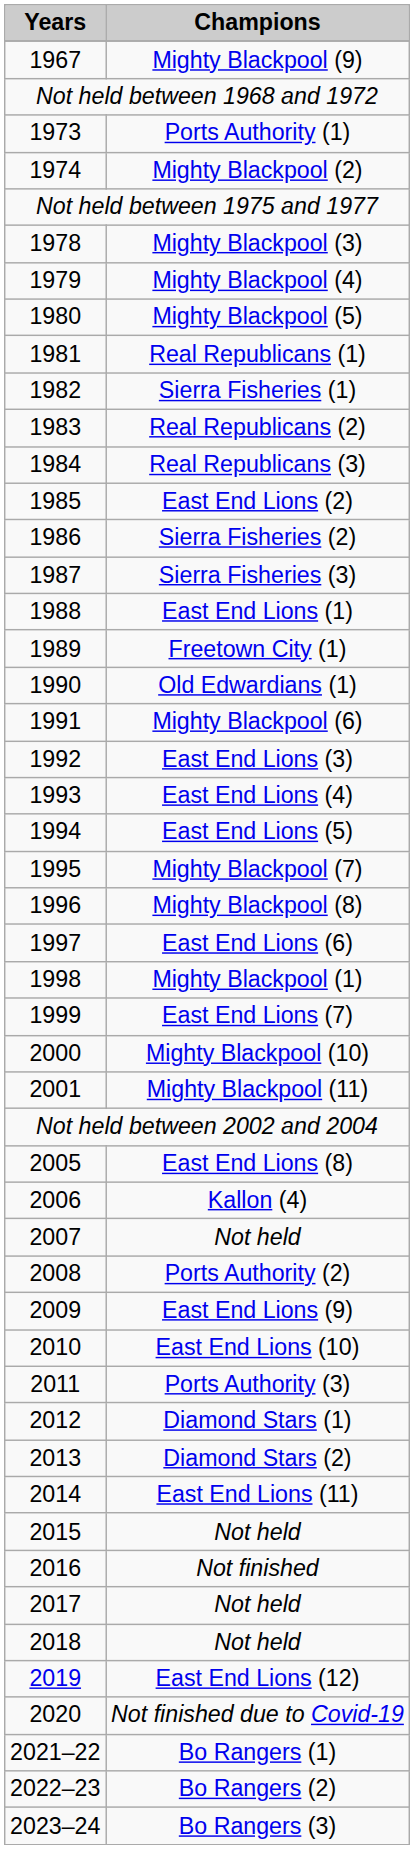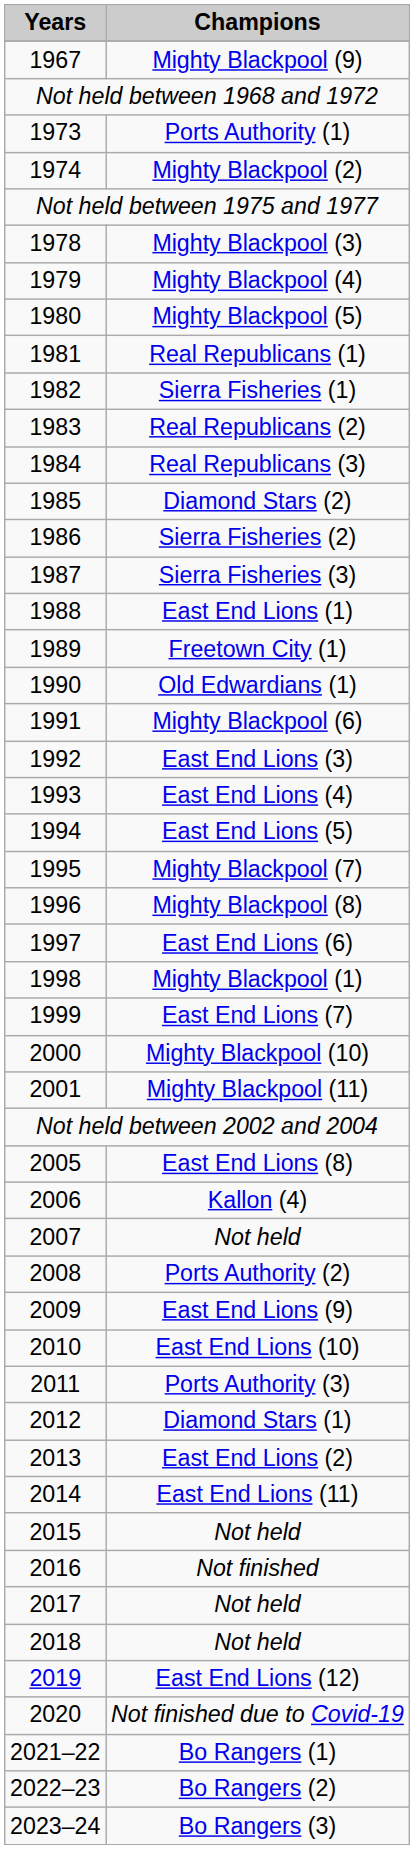 <table class="wikitable" style="text-align: center;">
 <tr bgcolor="#CCCCCC">
 <td><strong>Years</strong></td>
 <td><strong>Champions</strong></td>
 </tr>
 <tr bgcolor="#EFEFEF">
 </tr>
 <tr>
 <td>1967</td>
 <td><a href='#'>Mighty Blackpool</a> (9)</td>
 </tr>
 <tr>
 <td colspan="2"><em>Not held between 1968 and 1972</em></td>
 </tr>
 <tr>
 <td>1973</td>
 <td><a href='#'>Ports Authority</a> (1)</td>
 </tr>
 <tr>
 <td>1974</td>
 <td><a href='#'>Mighty Blackpool</a> (2)</td>
 </tr>
 <tr>
 <td colspan="2"><em>Not held between 1975 and 1977</em></td>
 </tr>
 <tr>
 <td>1978</td>
 <td><a href='#'>Mighty Blackpool</a> (3)</td>
 </tr>
 <tr>
 <td>1979</td>
 <td><a href='#'>Mighty Blackpool</a> (4)</td>
 </tr>
 <tr>
 <td>1980</td>
 <td><a href='#'>Mighty Blackpool</a> (5)</td>
 </tr>
 <tr>
 <td>1981</td>
 <td><a href='#'>Real Republicans</a> (1)</td>
 </tr>
 <tr>
 <td>1982</td>
 <td><a href='#'>Sierra Fisheries</a> (1)</td>
 </tr>
 <tr>
 <td>1983</td>
 <td><a href='#'>Real Republicans</a> (2)</td>
 </tr>
 <tr>
 <td>1984</td>
 <td><a href='#'>Real Republicans</a> (3)</td>
 </tr>
 <tr>
 <td>1985</td>
-<td><a href='#'>East End Lions</a> (2)</td>
+<td><a href='#'>Diamond Stars</a> (2)</td>
 </tr>
 <tr>
 <td>1986</td>
 <td><a href='#'>Sierra Fisheries</a> (2)</td>
 </tr>
 <tr>
 <td>1987</td>
 <td><a href='#'>Sierra Fisheries</a> (3)</td>
 </tr>
 <tr>
 <td>1988</td>
 <td><a href='#'>East End Lions</a> (1)</td>
 </tr>
 <tr>
 <td>1989</td>
 <td><a href='#'>Freetown City</a> (1)</td>
 </tr>
 <tr>
 <td>1990</td>
 <td><a href='#'>Old Edwardians</a> (1)</td>
 </tr>
 <tr>
 <td>1991</td>
 <td><a href='#'>Mighty Blackpool</a> (6)</td>
 </tr>
 <tr>
 <td>1992</td>
 <td><a href='#'>East End Lions</a> (3)</td>
 </tr>
 <tr>
 <td>1993</td>
 <td><a href='#'>East End Lions</a> (4)</td>
 </tr>
 <tr>
 <td>1994</td>
 <td><a href='#'>East End Lions</a> (5)</td>
 </tr>
 <tr>
 <td>1995</td>
 <td><a href='#'>Mighty Blackpool</a> (7)</td>
 </tr>
 <tr>
 <td>1996</td>
 <td><a href='#'>Mighty Blackpool</a> (8)</td>
 </tr>
 <tr>
 <td>1997</td>
 <td><a href='#'>East End Lions</a> (6)</td>
 </tr>
 <tr>
 <td>1998</td>
 <td><a href='#'>Mighty Blackpool</a> (1)</td>
 </tr>
 <tr>
 <td>1999</td>
 <td><a href='#'>East End Lions</a> (7)</td>
 </tr>
 <tr>
 <td>2000</td>
 <td><a href='#'>Mighty Blackpool</a> (10)</td>
 </tr>
 <tr>
 <td>2001</td>
 <td><a href='#'>Mighty Blackpool</a> (11)</td>
 </tr>
 <tr>
 <td colspan="2"><em>Not held between 2002 and 2004</em></td>
 </tr>
 <tr>
 <td>2005</td>
 <td><a href='#'>East End Lions</a> (8)</td>
 </tr>
 <tr>
 <td>2006</td>
 <td><a href='#'>Kallon</a> (4)</td>
 </tr>
 <tr>
 <td>2007</td>
 <td><em>Not held</em></td>
 </tr>
 <tr>
 <td>2008</td>
 <td><a href='#'>Ports Authority</a> (2)</td>
 </tr>
 <tr>
 <td>2009</td>
 <td><a href='#'>East End Lions</a> (9)</td>
 </tr>
 <tr>
 <td>2010</td>
 <td><a href='#'>East End Lions</a> (10)</td>
 </tr>
 <tr>
 <td>2011</td>
 <td><a href='#'>Ports Authority</a> (3)</td>
 </tr>
 <tr>
 <td>2012</td>
 <td><a href='#'>Diamond Stars</a> (1)</td>
 </tr>
 <tr>
 <td>2013</td>
-<td><a href='#'>Diamond Stars</a> (2)</td>
+<td><a href='#'>East End Lions</a> (2)</td>
 </tr>
 <tr>
 <td>2014</td>
 <td><a href='#'>East End Lions</a> (11)</td>
 </tr>
 <tr>
 <td>2015</td>
 <td><em>Not held</em></td>
 </tr>
 <tr>
 <td>2016</td>
 <td><em>Not finished</em></td>
 </tr>
 <tr>
 <td>2017</td>
 <td><em>Not held</em></td>
 </tr>
 <tr>
 <td>2018</td>
 <td><em>Not held</em></td>
 </tr>
 <tr>
 <td><a href='#'>2019</a></td>
 <td><a href='#'>East End Lions</a> (12)</td>
 </tr>
 <tr>
 <td>2020</td>
 <td><em>Not finished due to <a href='#'>Covid-19</a></em></td>
 </tr>
 <tr>
 <td>2021–22</td>
 <td><a href='#'>Bo Rangers</a> (1)</td>
 </tr>
 <tr>
 <td>2022–23</td>
 <td><a href='#'>Bo Rangers</a> (2)</td>
 </tr>
 <tr>
 <td>2023–24</td>
 <td><a href='#'>Bo Rangers</a> (3)</td>
 </tr>
 <tr>
 </tr>
 </table>
